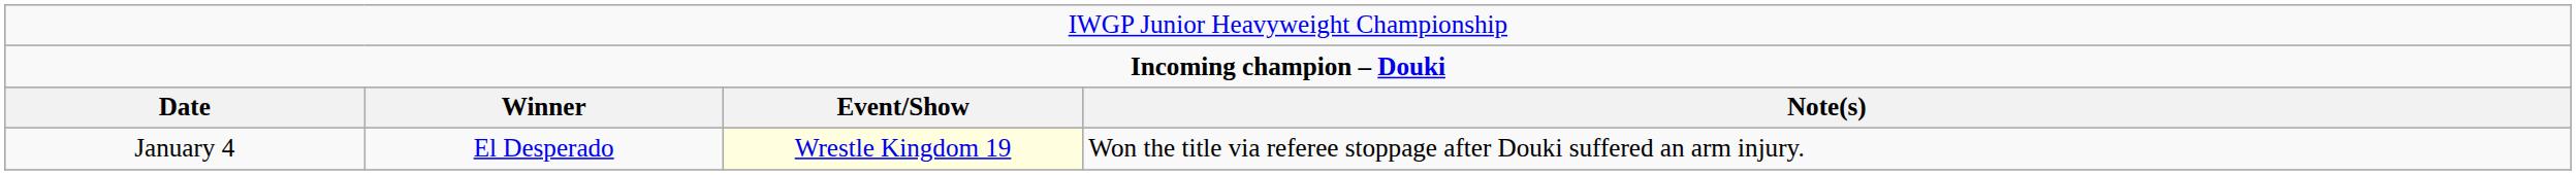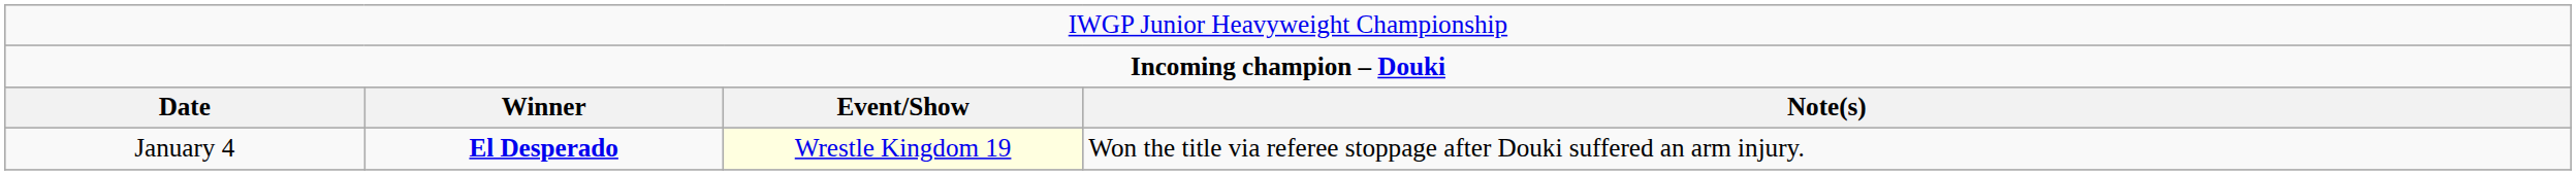 <table class="wikitable" style="text-align:center; width:100%;">
 <tr>
 <td colspan="4" style="text-align: center;"><a href='#'>IWGP Junior Heavyweight Championship</a></td>
 </tr>
 <tr>
 <td colspan="4" style="text-align: center;"><strong>Incoming champion – <a href='#'>Douki</a></strong></td>
 </tr>
 <tr>
 <th width=14%>Date</th>
 <th width=14%>Winner</th>
 <th width=14%>Event/Show</th>
 <th width=58%>Note(s)</th>
 </tr>
 <tr>
 <td>January 4</td>
-<td><a href='#'>El Desperado</a></td>
+<td><strong><a href='#'>El Desperado</a></strong></td>
 <td style="background: lightyellow;"><a href='#'>Wrestle Kingdom 19</a></td>
 <td align=left>Won the title via referee stoppage after Douki suffered an arm injury.</td>
 </tr>
 </table>
